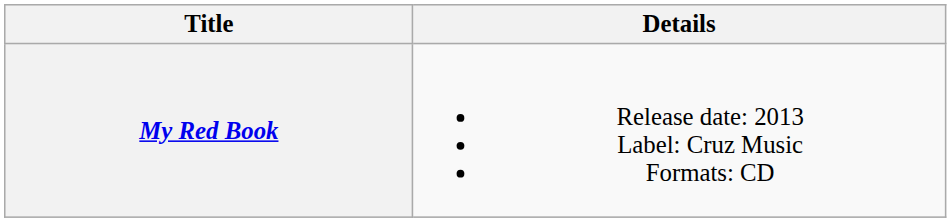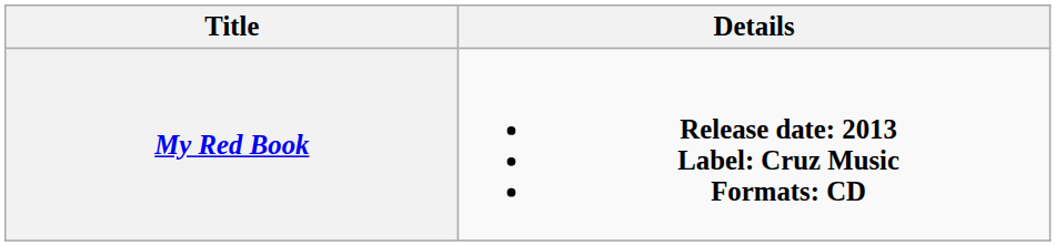 <table class="wikitable plainrowheaders" style="text-align:center;">
 <tr>
 <th scope="col" style="width:16em;">Title</th>
 <th scope="col" style="width:21em;">Details</th>
 </tr>
 <tr>
 <th scope="row"><em><a href='#'>My Red Book</a></em></th>
-<td><br><ul><li>Release date: 2013 </li><li>Label: Cruz Music</li><li>Formats: CD</li></ul></td>
+<td><strong><br><ul><li>Release date: 2013 </li><li>Label: Cruz Music</li><li>Formats: CD</li></ul></strong></td>
 </tr>
 </table>
